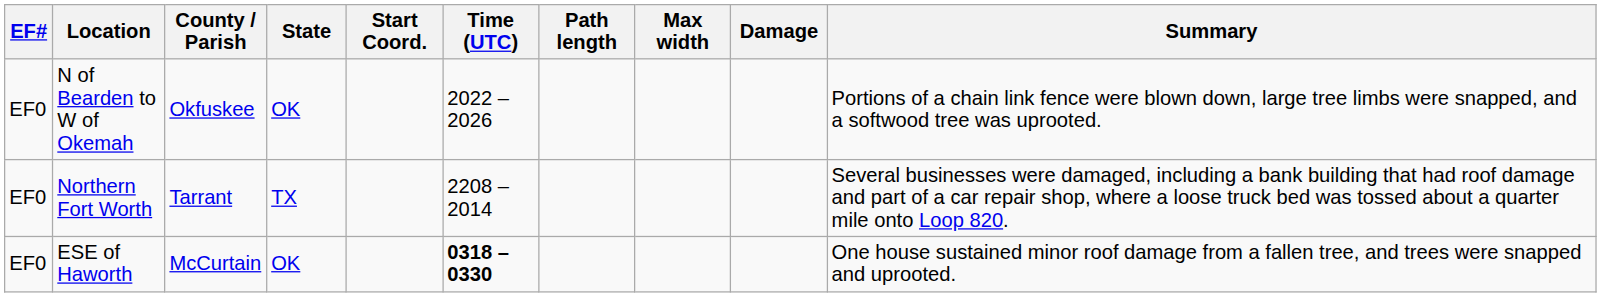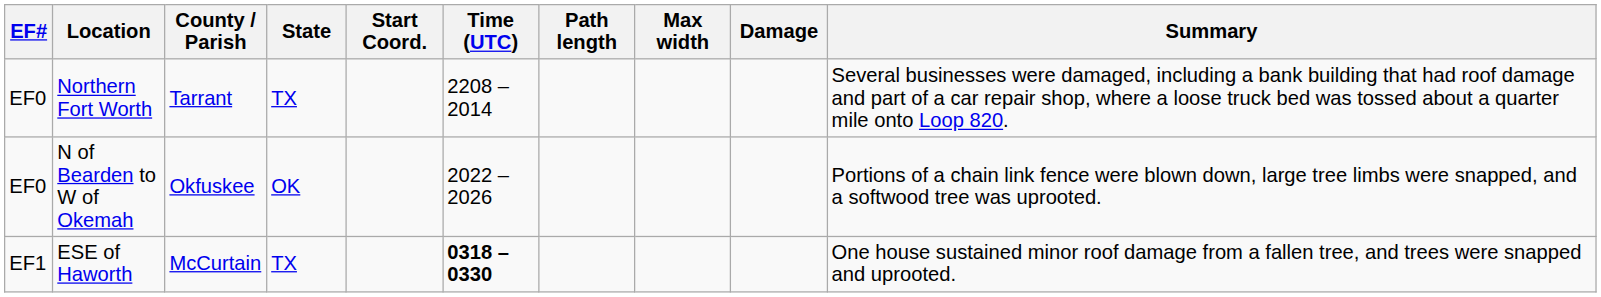 <table class="wikitable sortable" style="width:100%;">
 <tr>
 <th scope="col"  style="width:3%; text-align:center;"><a href='#'>EF#</a></th>
 <th scope="col"  style="width:7%; text-align:center;" class="unsortable">Location</th>
 <th scope="col"  style="width:6%; text-align:center;" class="unsortable">County / Parish</th>
 <th scope="col"  style="width:5%; text-align:center;">State</th>
 <th scope="col"  style="width:6%; text-align:center;">Start Coord.</th>
 <th scope="col"  style="width:6%; text-align:center;">Time (<a href='#'>UTC</a>)</th>
 <th scope="col"  style="width:6%; text-align:center;">Path length</th>
 <th scope="col"  style="width:6%; text-align:center;">Max width</th>
 <th scope="col"  style="width:6%; text-align:center;">Damage</th>
 <th scope="col" class="unsortable" style="width:48%; text-align:center;">Summary</th>
 </tr>
 <tr>
 <td>EF0</td>
-<td>N of <a href='#'>Bearden</a> to W of <a href='#'>Okemah</a></td>
-<td><a href='#'>Okfuskee</a></td>
-<td><a href='#'>OK</a></td>
-<td></td>
-<td>2022 – 2026</td>
-<td></td>
-<td></td>
-<td></td>
-<td>Portions of a chain link fence were blown down, large tree limbs were snapped, and a softwood tree was uprooted.</td>
-</tr>
-<tr>
-<td>EF0</td>
 <td><a href='#'>Northern Fort Worth</a></td>
 <td><a href='#'>Tarrant</a></td>
 <td><a href='#'>TX</a></td>
 <td></td>
 <td>2208 – 2014</td>
 <td></td>
 <td></td>
 <td></td>
 <td>Several businesses were damaged, including a bank building that had roof damage and part of a car repair shop, where a loose truck bed was tossed about a quarter mile onto <a href='#'>Loop 820</a>.</td>
 </tr>
 <tr>
 <td>EF0</td>
+<td>N of <a href='#'>Bearden</a> to W of <a href='#'>Okemah</a></td>
+<td><a href='#'>Okfuskee</a></td>
+<td><a href='#'>OK</a></td>
+<td></td>
+<td>2022 – 2026</td>
+<td></td>
+<td></td>
+<td></td>
+<td>Portions of a chain link fence were blown down, large tree limbs were snapped, and a softwood tree was uprooted.</td>
+</tr>
+<tr>
+<td>EF1</td>
 <td>ESE of <a href='#'>Haworth</a></td>
 <td><a href='#'>McCurtain</a></td>
-<td><a href='#'>OK</a></td>
+<td><a href='#'>TX</a></td>
 <td></td>
 <td><strong>0318 – 0330</strong></td>
 <td></td>
 <td></td>
 <td></td>
 <td>One house sustained minor roof damage from a fallen tree, and trees were snapped and uprooted.</td>
 </tr>
 </table>
